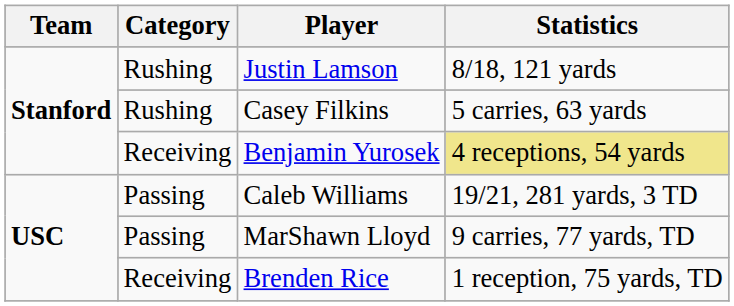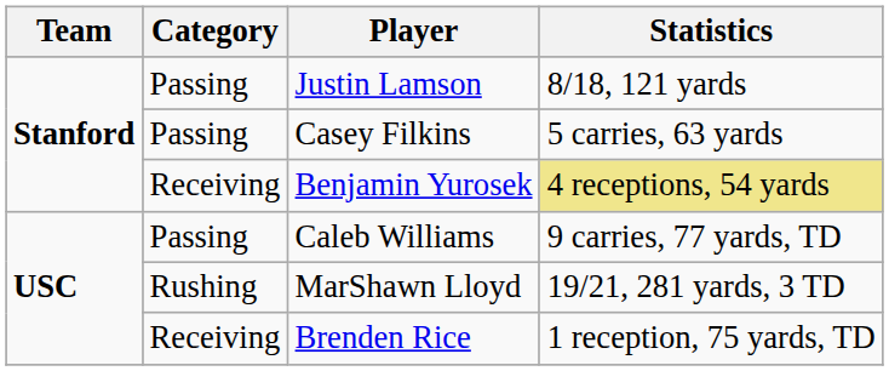 <table class="wikitable" style="float: right;">
 <tr>
 <th>Team</th>
 <th>Category</th>
 <th>Player</th>
 <th>Statistics</th>
 </tr>
 <tr>
 <td rowspan=3><strong>Stanford</strong></td>
-<td>Rushing</td>
+<td>Passing</td>
 <td><a href='#'>Justin Lamson</a></td>
 <td>8/18, 121 yards</td>
 </tr>
 <tr>
-<td>Rushing</td>
+<td>Passing</td>
 <td>Casey Filkins</td>
 <td>5 carries, 63 yards</td>
 </tr>
 <tr>
 <td>Receiving</td>
 <td><a href='#'>Benjamin Yurosek</a></td>
 <td style="background: khaki;">4 receptions, 54 yards</td>
 </tr>
 <tr>
 <td rowspan=3><strong>USC</strong></td>
 <td>Passing</td>
 <td>Caleb Williams</td>
-<td>19/21, 281 yards, 3 TD</td>
+<td>9 carries, 77 yards, TD</td>
 </tr>
 <tr>
-<td>Passing</td>
+<td>Rushing</td>
 <td>MarShawn Lloyd</td>
-<td>9 carries, 77 yards, TD</td>
+<td>19/21, 281 yards, 3 TD</td>
 </tr>
 <tr>
 <td>Receiving</td>
 <td><a href='#'>Brenden Rice</a></td>
 <td>1 reception, 75 yards, TD</td>
 </tr>
 </table>
